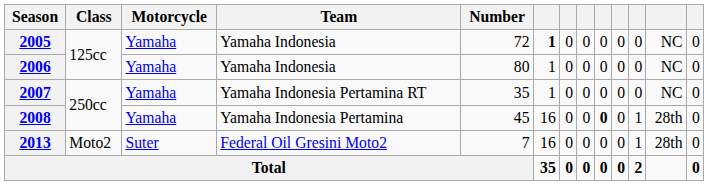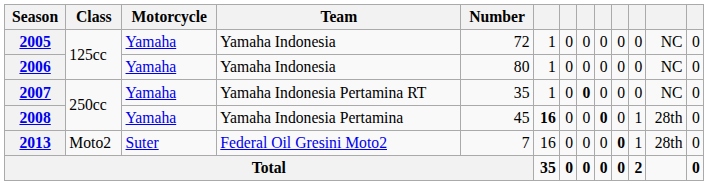 <table class="wikitable" style="font-size:98%; text-align:right; width:700px;">
 <tr>
 <th>Season</th>
 <th>Class</th>
 <th>Motorcycle</th>
 <th>Team</th>
 <th>Number</th>
 <th></th>
 <th></th>
 <th></th>
 <th></th>
 <th></th>
 <th></th>
 <th></th>
 <th></th>
 </tr>
 <tr>
 <th><a href='#'>2005</a></th>
 <td rowspan="2" style="text-align:left; vertical-align:middle;">125cc</td>
 <td align="left"><a href='#'>Yamaha</a></td>
 <td align="left">Yamaha Indonesia</td>
 <td>72</td>
-<td><strong>1</strong></td>
+<td>1</td>
 <td>0</td>
 <td>0</td>
 <td>0</td>
 <td>0</td>
 <td>0</td>
 <td>NC</td>
 <td>0</td>
 </tr>
 <tr>
 <th><a href='#'>2006</a></th>
 <td align="left"><a href='#'>Yamaha</a></td>
 <td align="left">Yamaha Indonesia</td>
 <td>80</td>
 <td>1</td>
 <td>0</td>
 <td>0</td>
 <td>0</td>
 <td>0</td>
 <td>0</td>
 <td>NC</td>
 <td>0</td>
 </tr>
 <tr>
 <th><a href='#'>2007</a></th>
 <td rowspan="2" style="text-align:left; vertical-align:middle;">250cc</td>
 <td align="left"><a href='#'>Yamaha</a></td>
 <td align="left">Yamaha Indonesia Pertamina RT</td>
 <td>35</td>
 <td>1</td>
 <td>0</td>
-<td>0</td>
+<td><strong>0</strong></td>
 <td>0</td>
 <td>0</td>
 <td>0</td>
 <td>NC</td>
 <td>0</td>
 </tr>
 <tr>
 <th><a href='#'>2008</a></th>
 <td align="left"><a href='#'>Yamaha</a></td>
 <td align="left">Yamaha Indonesia Pertamina</td>
 <td>45</td>
-<td>16</td>
+<td><strong>16</strong></td>
 <td>0</td>
 <td>0</td>
 <td><strong>0</strong></td>
 <td>0</td>
 <td>1</td>
 <td>28th</td>
 <td>0</td>
 </tr>
 <tr>
 <th><a href='#'>2013</a></th>
 <td style="text-align:left; vertical-align:middle;">Moto2</td>
 <td align="left"><a href='#'>Suter</a></td>
 <td align="left"><a href='#'>Federal Oil Gresini Moto2</a></td>
 <td>7</td>
 <td>16</td>
 <td>0</td>
 <td>0</td>
 <td>0</td>
-<td>0</td>
+<td><strong>0</strong></td>
 <td>1</td>
 <td>28th</td>
 <td>0</td>
 </tr>
 <tr>
 <th colspan=5>Total</th>
 <td><strong>35</strong></td>
 <td><strong>0</strong></td>
 <td><strong>0</strong></td>
 <td><strong>0</strong></td>
 <td><strong>0</strong></td>
 <td><strong>2</strong></td>
 <td></td>
 <td><strong>0</strong></td>
 </tr>
 </table>
